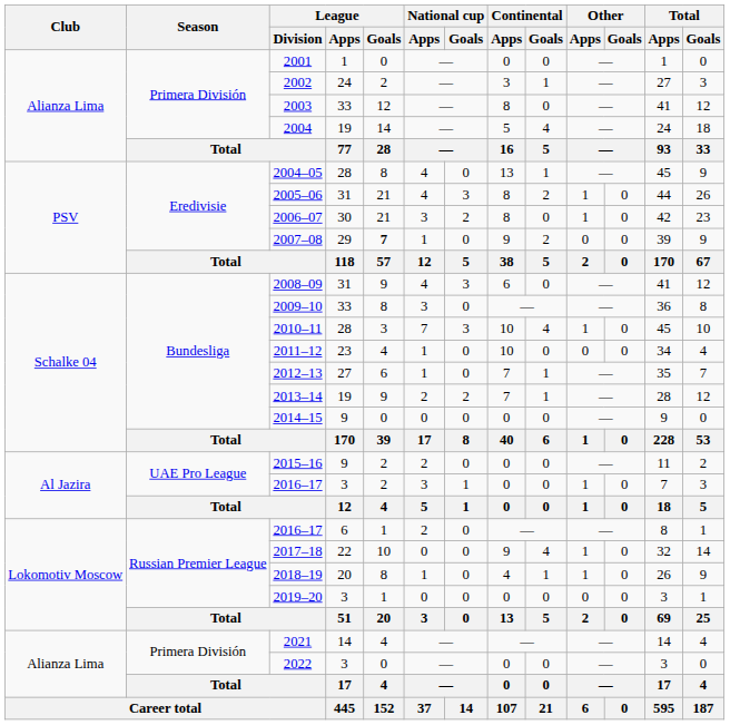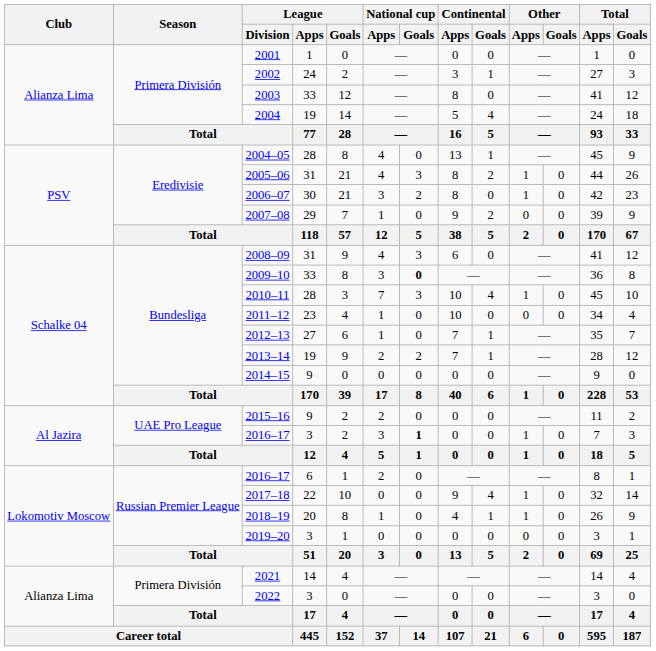 <table class=wikitable style=text-align:center>
 <tr>
 <th rowspan=2>Club</th>
 <th rowspan=2>Season</th>
 <th colspan=3>League</th>
 <th colspan=2>National cup</th>
 <th colspan=2>Continental</th>
 <th colspan=2>Other</th>
 <th colspan=2>Total</th>
 </tr>
 <tr>
 <th>Division</th>
 <th>Apps</th>
 <th>Goals</th>
 <th>Apps</th>
 <th>Goals</th>
 <th>Apps</th>
 <th>Goals</th>
 <th>Apps</th>
 <th>Goals</th>
 <th>Apps</th>
 <th>Goals</th>
 </tr>
 <tr>
 <td rowspan="5"><a href='#'>Alianza Lima</a></td>
 <td rowspan="4"><a href='#'>Primera División</a></td>
 <td><a href='#'>2001</a></td>
 <td>1</td>
 <td>0</td>
 <td colspan="2">—</td>
 <td>0</td>
 <td>0</td>
 <td colspan="2">—</td>
 <td>1</td>
 <td>0</td>
 </tr>
 <tr>
 <td><a href='#'>2002</a></td>
 <td>24</td>
 <td>2</td>
 <td colspan="2">—</td>
 <td>3</td>
 <td>1</td>
 <td colspan="2">—</td>
 <td>27</td>
 <td>3</td>
 </tr>
 <tr>
 <td><a href='#'>2003</a></td>
 <td>33</td>
 <td>12</td>
 <td colspan="2">—</td>
 <td>8</td>
 <td>0</td>
 <td colspan="2">—</td>
 <td>41</td>
 <td>12</td>
 </tr>
 <tr>
 <td><a href='#'>2004</a></td>
 <td>19</td>
 <td>14</td>
 <td colspan="2">—</td>
 <td>5</td>
 <td>4</td>
 <td colspan="2">—</td>
 <td>24</td>
 <td>18</td>
 </tr>
 <tr>
 <th colspan="2">Total</th>
 <th>77</th>
 <th>28</th>
 <th colspan="2">—</th>
 <th>16</th>
 <th>5</th>
 <th colspan="2">—</th>
 <th>93</th>
 <th>33</th>
 </tr>
 <tr>
 <td rowspan="5"><a href='#'>PSV</a></td>
 <td rowspan="4"><a href='#'>Eredivisie</a></td>
 <td><a href='#'>2004–05</a></td>
 <td>28</td>
 <td>8</td>
 <td>4</td>
 <td>0</td>
 <td>13</td>
 <td>1</td>
 <td colspan="2">—</td>
 <td>45</td>
 <td>9</td>
 </tr>
 <tr>
 <td><a href='#'>2005–06</a></td>
 <td>31</td>
 <td>21</td>
 <td>4</td>
 <td>3</td>
 <td>8</td>
 <td>2</td>
 <td>1</td>
 <td>0</td>
 <td>44</td>
 <td>26</td>
 </tr>
 <tr>
 <td><a href='#'>2006–07</a></td>
 <td>30</td>
 <td>21</td>
 <td>3</td>
 <td>2</td>
 <td>8</td>
 <td>0</td>
 <td>1</td>
 <td>0</td>
 <td>42</td>
 <td>23</td>
 </tr>
 <tr>
 <td><a href='#'>2007–08</a></td>
 <td>29</td>
-<td><strong>7</strong></td>
+<td>7</td>
 <td>1</td>
 <td>0</td>
 <td>9</td>
 <td>2</td>
 <td>0</td>
 <td>0</td>
 <td>39</td>
 <td>9</td>
 </tr>
 <tr>
 <th colspan="2">Total</th>
 <th>118</th>
 <th>57</th>
 <th>12</th>
 <th>5</th>
 <th>38</th>
 <th>5</th>
 <th>2</th>
 <th>0</th>
 <th>170</th>
 <th>67</th>
 </tr>
 <tr>
 <td rowspan="8"><a href='#'>Schalke 04</a></td>
 <td rowspan="7"><a href='#'>Bundesliga</a></td>
 <td><a href='#'>2008–09</a></td>
 <td>31</td>
 <td>9</td>
 <td>4</td>
 <td>3</td>
 <td>6</td>
 <td>0</td>
 <td colspan="2">—</td>
 <td>41</td>
 <td>12</td>
 </tr>
 <tr>
 <td><a href='#'>2009–10</a></td>
 <td>33</td>
 <td>8</td>
 <td>3</td>
-<td>0</td>
+<td><strong>0</strong></td>
 <td colspan="2">—</td>
 <td colspan="2">—</td>
 <td>36</td>
 <td>8</td>
 </tr>
 <tr>
 <td><a href='#'>2010–11</a></td>
 <td>28</td>
 <td>3</td>
 <td>7</td>
 <td>3</td>
 <td>10</td>
 <td>4</td>
 <td>1</td>
 <td>0</td>
 <td>45</td>
 <td>10</td>
 </tr>
 <tr>
 <td><a href='#'>2011–12</a></td>
 <td>23</td>
 <td>4</td>
 <td>1</td>
 <td>0</td>
 <td>10</td>
 <td>0</td>
 <td>0</td>
 <td>0</td>
 <td>34</td>
 <td>4</td>
 </tr>
 <tr>
 <td><a href='#'>2012–13</a></td>
 <td>27</td>
 <td>6</td>
 <td>1</td>
 <td>0</td>
 <td>7</td>
 <td>1</td>
 <td colspan="2">—</td>
 <td>35</td>
 <td>7</td>
 </tr>
 <tr>
 <td><a href='#'>2013–14</a></td>
 <td>19</td>
 <td>9</td>
 <td>2</td>
 <td>2</td>
 <td>7</td>
 <td>1</td>
 <td colspan="2">—</td>
 <td>28</td>
 <td>12</td>
 </tr>
 <tr>
 <td><a href='#'>2014–15</a></td>
 <td>9</td>
 <td>0</td>
 <td>0</td>
 <td>0</td>
 <td>0</td>
 <td>0</td>
 <td colspan="2">—</td>
 <td>9</td>
 <td>0</td>
 </tr>
 <tr>
 <th colspan="2">Total</th>
 <th>170</th>
 <th>39</th>
 <th>17</th>
 <th>8</th>
 <th>40</th>
 <th>6</th>
 <th>1</th>
 <th>0</th>
 <th>228</th>
 <th>53</th>
 </tr>
 <tr>
 <td rowspan="3"><a href='#'>Al Jazira</a></td>
 <td rowspan="2"><a href='#'>UAE Pro League</a></td>
 <td><a href='#'>2015–16</a></td>
 <td>9</td>
 <td>2</td>
 <td>2</td>
 <td>0</td>
 <td>0</td>
 <td>0</td>
 <td colspan="2">—</td>
 <td>11</td>
 <td>2</td>
 </tr>
 <tr>
 <td><a href='#'>2016–17</a></td>
 <td>3</td>
 <td>2</td>
 <td>3</td>
-<td>1</td>
+<td><strong>1</strong></td>
 <td>0</td>
 <td>0</td>
 <td>1</td>
 <td>0</td>
 <td>7</td>
 <td>3</td>
 </tr>
 <tr>
 <th colspan="2">Total</th>
 <th>12</th>
 <th>4</th>
 <th>5</th>
 <th>1</th>
 <th>0</th>
 <th>0</th>
 <th>1</th>
 <th>0</th>
 <th>18</th>
 <th>5</th>
 </tr>
 <tr>
 <td rowspan="5"><a href='#'>Lokomotiv Moscow</a></td>
 <td rowspan="4"><a href='#'>Russian Premier League</a></td>
 <td><a href='#'>2016–17</a></td>
 <td>6</td>
 <td>1</td>
 <td>2</td>
 <td>0</td>
 <td colspan="2">—</td>
 <td colspan="2">—</td>
 <td>8</td>
 <td>1</td>
 </tr>
 <tr>
 <td><a href='#'>2017–18</a></td>
 <td>22</td>
 <td>10</td>
 <td>0</td>
 <td>0</td>
 <td>9</td>
 <td>4</td>
 <td>1</td>
 <td>0</td>
 <td>32</td>
 <td>14</td>
 </tr>
 <tr>
 <td><a href='#'>2018–19</a></td>
 <td>20</td>
 <td>8</td>
 <td>1</td>
 <td>0</td>
 <td>4</td>
 <td>1</td>
 <td>1</td>
 <td>0</td>
 <td>26</td>
 <td>9</td>
 </tr>
 <tr>
 <td><a href='#'>2019–20</a></td>
 <td>3</td>
 <td>1</td>
 <td>0</td>
 <td>0</td>
 <td>0</td>
 <td>0</td>
 <td>0</td>
 <td>0</td>
 <td>3</td>
 <td>1</td>
 </tr>
 <tr>
 <th colspan="2">Total</th>
 <th>51</th>
 <th>20</th>
 <th>3</th>
 <th>0</th>
 <th>13</th>
 <th>5</th>
 <th>2</th>
 <th>0</th>
 <th>69</th>
 <th>25</th>
 </tr>
 <tr>
 <td rowspan="3">Alianza Lima</td>
 <td rowspan="2">Primera División</td>
 <td><a href='#'>2021</a></td>
 <td>14</td>
 <td>4</td>
 <td colspan="2">—</td>
 <td colspan="2">—</td>
 <td colspan="2">—</td>
 <td>14</td>
 <td>4</td>
 </tr>
 <tr>
 <td><a href='#'>2022</a></td>
 <td>3</td>
 <td>0</td>
 <td colspan="2">—</td>
 <td>0</td>
 <td>0</td>
 <td colspan="2">—</td>
 <td>3</td>
 <td>0</td>
 </tr>
 <tr>
 <th colspan="2">Total</th>
 <th>17</th>
 <th>4</th>
 <th colspan="2">—</th>
 <th>0</th>
 <th>0</th>
 <th colspan="2">—</th>
 <th>17</th>
 <th>4</th>
 </tr>
 <tr>
 <th colspan="3">Career total</th>
 <th>445</th>
 <th>152</th>
 <th>37</th>
 <th>14</th>
 <th>107</th>
 <th>21</th>
 <th>6</th>
 <th>0</th>
 <th>595</th>
 <th>187</th>
 </tr>
 </table>
